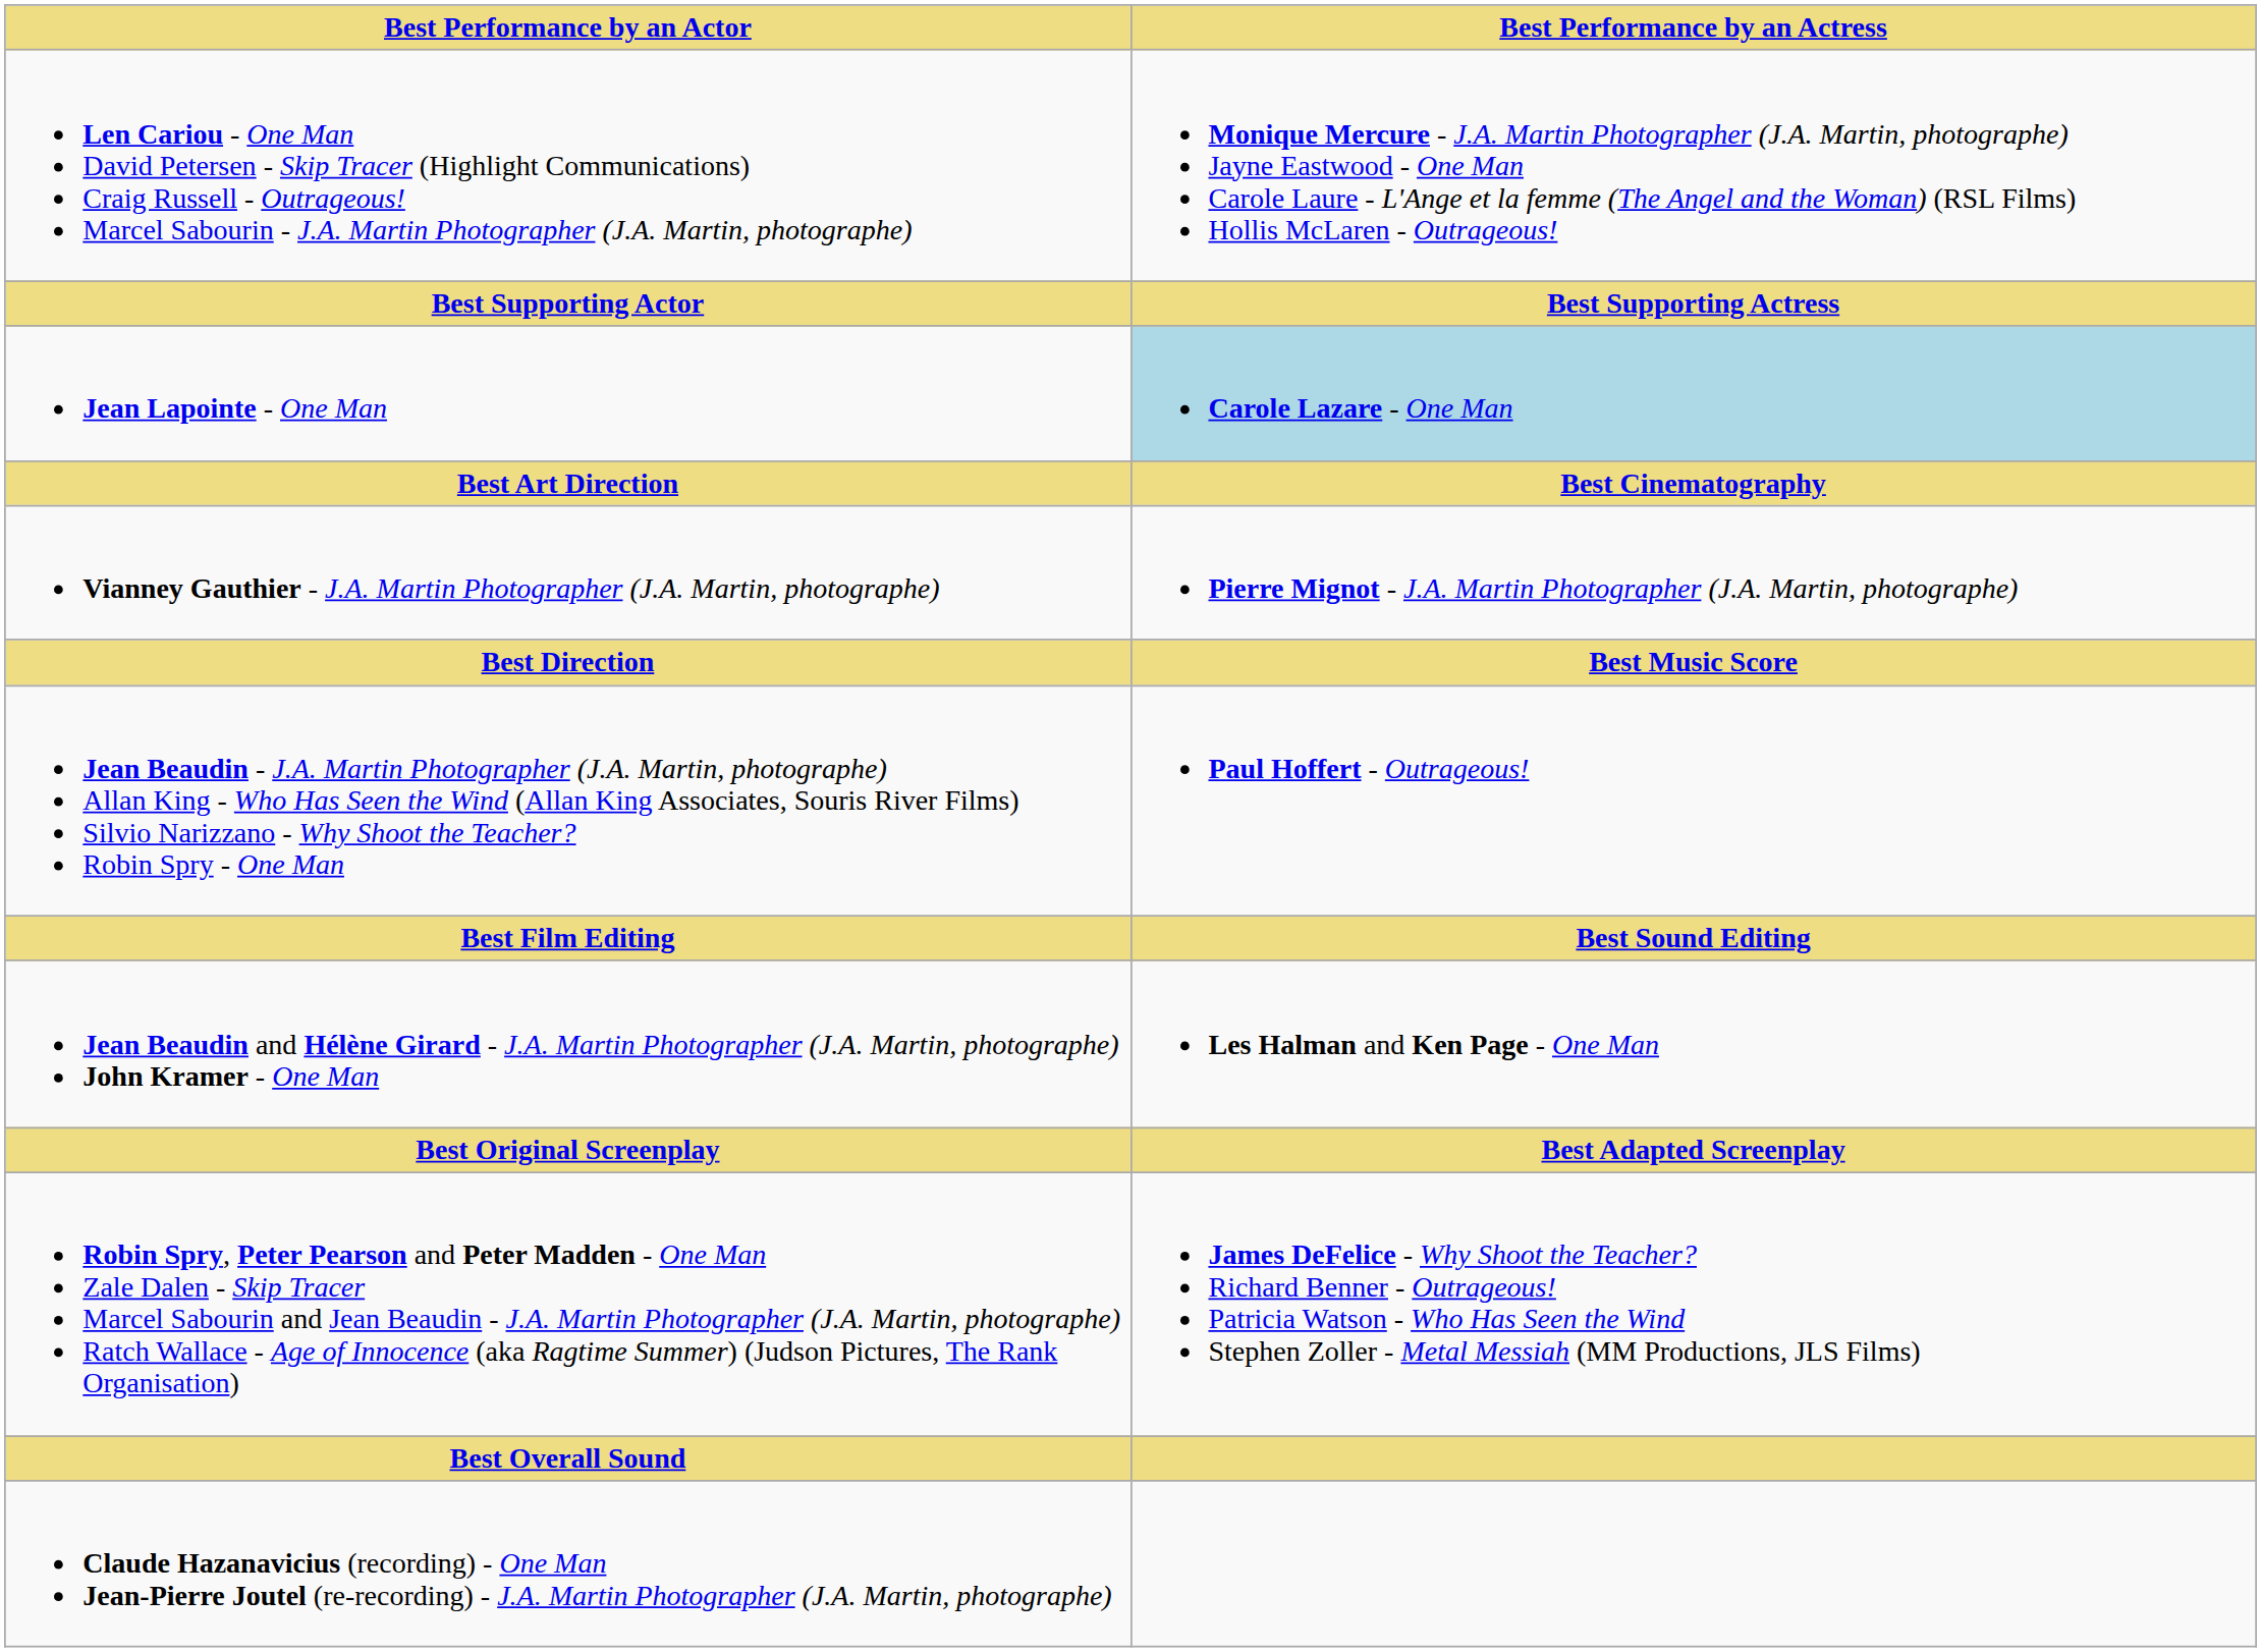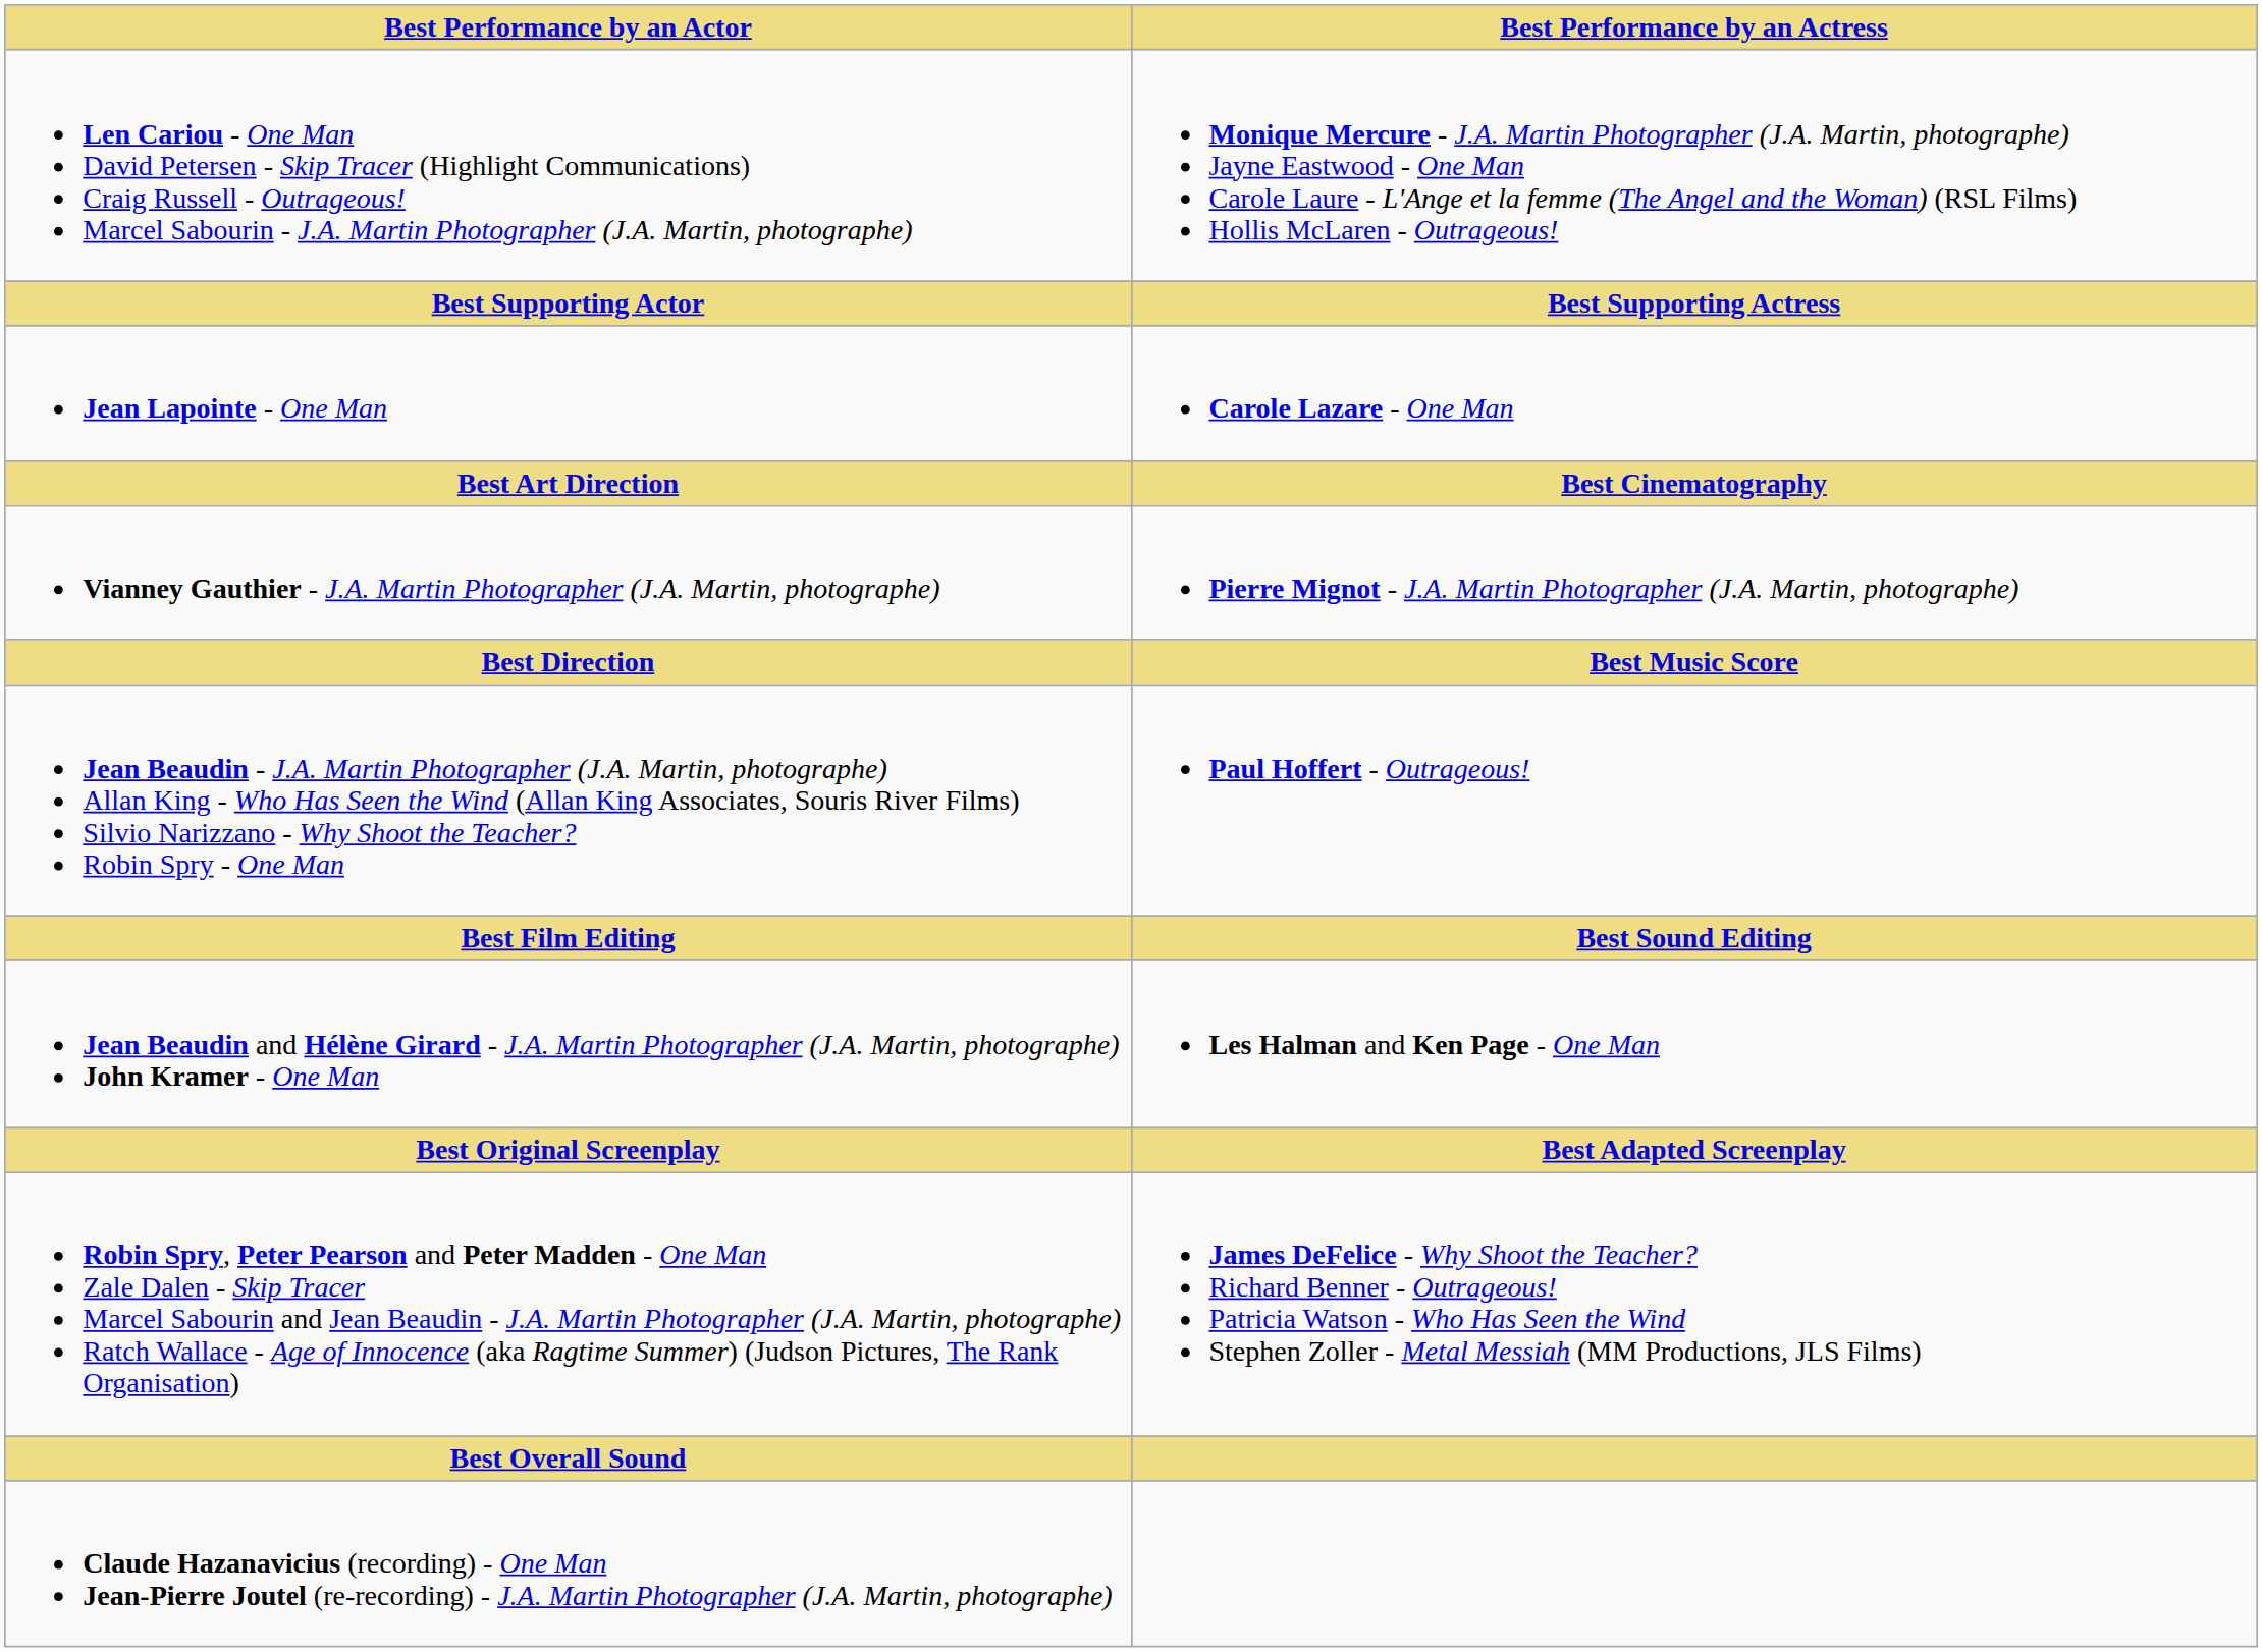 <table class=wikitable width="100%">
 <tr>
 <th style="background:#EEDD82; width:50%"><a href='#'>Best Performance by an Actor</a></th>
 <th style="background:#EEDD82; width:50%"><a href='#'>Best Performance by an Actress</a></th>
 </tr>
 <tr>
 <td valign="top"><br><ul><li> <strong><a href='#'>Len Cariou</a></strong> - <em><a href='#'>One Man</a></em></li><li><a href='#'>David Petersen</a> - <em><a href='#'>Skip Tracer</a></em> (Highlight Communications)</li><li><a href='#'>Craig Russell</a> - <em><a href='#'>Outrageous!</a></em></li><li><a href='#'>Marcel Sabourin</a> - <em><a href='#'>J.A. Martin Photographer</a> (J.A. Martin, photographe)</em></li></ul></td>
 <td valign="top"><br><ul><li> <strong><a href='#'>Monique Mercure</a></strong> - <em><a href='#'>J.A. Martin Photographer</a> (J.A. Martin, photographe)</em></li><li><a href='#'>Jayne Eastwood</a> - <em><a href='#'>One Man</a></em></li><li><a href='#'>Carole Laure</a> - <em>L'Ange et la femme</em> <em>(<a href='#'>The Angel and the Woman</a>)</em> (RSL Films)</li><li><a href='#'>Hollis McLaren</a> - <em><a href='#'>Outrageous!</a></em></li></ul></td>
 </tr>
 <tr>
 <th style="background:#EEDD82; width:50%"><a href='#'>Best Supporting Actor</a></th>
 <th style="background:#EEDD82; width:50%"><a href='#'>Best Supporting Actress</a></th>
 </tr>
 <tr>
 <td valign="top"><br><ul><li> <strong><a href='#'>Jean Lapointe</a></strong> - <em><a href='#'>One Man</a></em></li></ul></td>
-<td valign="top" style="background: lightblue;"><br><ul><li> <strong><a href='#'>Carole Lazare</a></strong> - <em><a href='#'>One Man</a></em></li></ul></td>
+<td valign="top"><br><ul><li> <strong><a href='#'>Carole Lazare</a></strong> - <em><a href='#'>One Man</a></em></li></ul></td>
 </tr>
 <tr>
 <th style="background:#EEDD82; width:50%"><a href='#'>Best Art Direction</a></th>
 <th style="background:#EEDD82; width:50%"><a href='#'>Best Cinematography</a></th>
 </tr>
 <tr>
 <td valign="top"><br><ul><li> <strong>Vianney Gauthier</strong> - <em><a href='#'>J.A. Martin Photographer</a> (J.A. Martin, photographe)</em></li></ul></td>
 <td valign="top"><br><ul><li> <strong><a href='#'>Pierre Mignot</a></strong> - <em><a href='#'>J.A. Martin Photographer</a> (J.A. Martin, photographe)</em></li></ul></td>
 </tr>
 <tr>
 <th style="background:#EEDD82; width:50%"><a href='#'>Best Direction</a></th>
 <th style="background:#EEDD82; width:50%"><a href='#'>Best Music Score</a></th>
 </tr>
 <tr>
 <td valign="top"><br><ul><li> <strong><a href='#'>Jean Beaudin</a></strong> - <em><a href='#'>J.A. Martin Photographer</a> (J.A. Martin, photographe)</em> </li><li><a href='#'>Allan King</a> - <em><a href='#'>Who Has Seen the Wind</a></em> (<a href='#'>Allan King</a> Associates, Souris River Films)</li><li><a href='#'>Silvio Narizzano</a> - <em><a href='#'>Why Shoot the Teacher?</a></em></li><li><a href='#'>Robin Spry</a> - <em><a href='#'>One Man</a></em></li></ul></td>
 <td valign="top"><br><ul><li> <strong><a href='#'>Paul Hoffert</a></strong> - <em><a href='#'>Outrageous!</a></em></li></ul></td>
 </tr>
 <tr>
 <th style="background:#EEDD82; width:50%"><a href='#'>Best Film Editing</a></th>
 <th style="background:#EEDD82; width:50%"><a href='#'>Best Sound Editing</a></th>
 </tr>
 <tr>
 <td valign="top"><br><ul><li> <strong><a href='#'>Jean Beaudin</a></strong> and <strong><a href='#'>Hélène Girard</a></strong> - <em><a href='#'>J.A. Martin Photographer</a> (J.A. Martin, photographe)</em></li><li> <strong>John Kramer</strong> - <em><a href='#'>One Man</a></em></li></ul></td>
 <td valign="top"><br><ul><li> <strong>Les Halman</strong> and <strong>Ken Page</strong> - <em><a href='#'>One Man</a></em></li></ul></td>
 </tr>
 <tr>
 <th style="background:#EEDD82; width:50%"><a href='#'>Best Original Screenplay</a></th>
 <th style="background:#EEDD82; width:50%"><a href='#'>Best Adapted Screenplay</a></th>
 </tr>
 <tr>
 <td valign="top"><br><ul><li> <strong><a href='#'>Robin Spry</a></strong>, <strong><a href='#'>Peter Pearson</a></strong> and <strong>Peter Madden</strong> - <em><a href='#'>One Man</a></em></li><li><a href='#'>Zale Dalen</a> - <em><a href='#'>Skip Tracer</a></em></li><li><a href='#'>Marcel Sabourin</a> and <a href='#'>Jean Beaudin</a> - <em><a href='#'>J.A. Martin Photographer</a> (J.A. Martin, photographe)</em></li><li><a href='#'>Ratch Wallace</a> - <em><a href='#'>Age of Innocence</a></em> (aka <em>Ragtime Summer</em>) (Judson Pictures, <a href='#'>The Rank Organisation</a>)</li></ul></td>
 <td valign="top"><br><ul><li> <strong><a href='#'>James DeFelice</a></strong> - <em><a href='#'>Why Shoot the Teacher?</a></em></li><li><a href='#'>Richard Benner</a> - <em><a href='#'>Outrageous!</a></em></li><li><a href='#'>Patricia Watson</a> - <em><a href='#'>Who Has Seen the Wind</a></em></li><li>Stephen Zoller - <em><a href='#'>Metal Messiah</a></em> (MM Productions, JLS Films)</li></ul></td>
 </tr>
 <tr>
 <th style="background:#EEDD82; width:50%"><a href='#'>Best Overall Sound</a></th>
 <th style="background:#EEDD82; width:50%"></th>
 </tr>
 <tr>
 <td valign="top"><br><ul><li> <strong>Claude Hazanavicius</strong> (recording) - <em><a href='#'>One Man</a></em></li><li> <strong>Jean-Pierre Joutel</strong> (re-recording) - <em><a href='#'>J.A. Martin Photographer</a> (J.A. Martin, photographe)</em></li></ul></td>
 </tr>
 </table>
